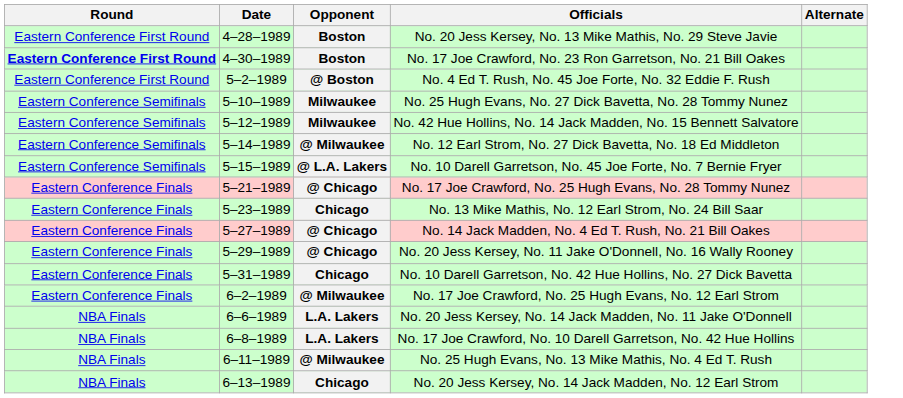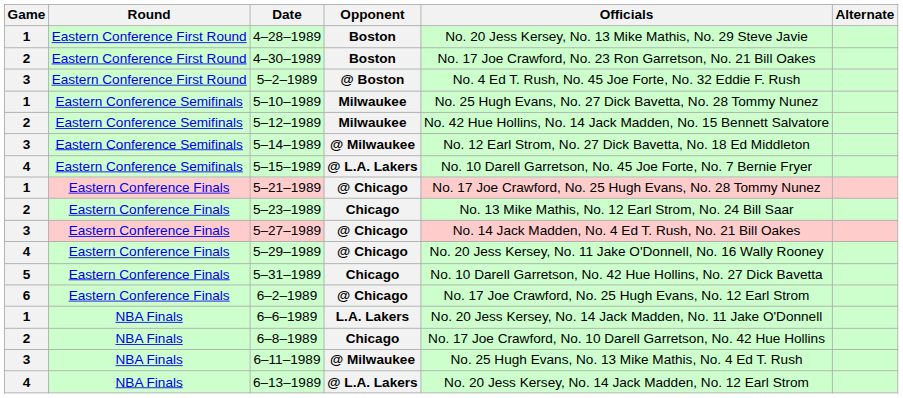 <table class="wikitable">
 <tr>
+<th>Game</th>
 <th>Round</th>
 <th>Date</th>
 <th>Opponent</th>
 <th>Officials</th>
 <th>Alternate</th>
 </tr>
 <tr align="center" bgcolor="#ccffcc">
+<th>1</th>
 <td><a href='#'>Eastern Conference First Round</a></td>
 <td>4–28–1989</td>
 <th>Boston</th>
 <td>No. 20 Jess Kersey, No. 13 Mike Mathis, No. 29 Steve Javie</td>
 <td></td>
 </tr>
 <tr align="center" bgcolor="#ccffcc">
-<td><strong><a href='#'>Eastern Conference First Round</a></strong></td>
+<th>2</th>
+<td><a href='#'>Eastern Conference First Round</a></td>
 <td>4–30–1989</td>
 <th>Boston</th>
 <td>No. 17 Joe Crawford, No. 23 Ron Garretson, No. 21 Bill Oakes</td>
 <td></td>
 </tr>
 <tr align="center" bgcolor="#ccffcc">
+<th>3</th>
 <td><a href='#'>Eastern Conference First Round</a></td>
 <td>5–2–1989</td>
 <th>@ Boston</th>
 <td>No. 4 Ed T. Rush, No. 45 Joe Forte, No. 32 Eddie F. Rush</td>
 <td></td>
 </tr>
 <tr align="center" bgcolor="#ccffcc">
+<th>1</th>
 <td><a href='#'>Eastern Conference Semifinals</a></td>
 <td>5–10–1989</td>
 <th>Milwaukee</th>
 <td>No. 25 Hugh Evans, No. 27 Dick Bavetta, No. 28 Tommy Nunez</td>
 <td></td>
 </tr>
 <tr align="center" bgcolor="#ccffcc">
+<th>2</th>
 <td><a href='#'>Eastern Conference Semifinals</a></td>
 <td>5–12–1989</td>
 <th>Milwaukee</th>
 <td>No. 42 Hue Hollins, No. 14 Jack Madden, No. 15 Bennett Salvatore</td>
 <td></td>
 </tr>
 <tr align="center" bgcolor="#ccffcc">
+<th>3</th>
 <td><a href='#'>Eastern Conference Semifinals</a></td>
 <td>5–14–1989</td>
 <th>@ Milwaukee</th>
 <td>No. 12 Earl Strom, No. 27 Dick Bavetta, No. 18 Ed Middleton</td>
 <td></td>
 </tr>
 <tr align="center" bgcolor="#ccffcc">
+<th>4</th>
 <td><a href='#'>Eastern Conference Semifinals</a></td>
 <td>5–15–1989</td>
 <th>@ L.A. Lakers</th>
 <td>No. 10 Darell Garretson, No. 45 Joe Forte, No. 7 Bernie Fryer</td>
 <td></td>
 </tr>
 <tr align="center" bgcolor="#ffcccc">
+<th>1</th>
 <td><a href='#'>Eastern Conference Finals</a></td>
 <td>5–21–1989</td>
 <th>@ Chicago</th>
 <td>No. 17 Joe Crawford, No. 25 Hugh Evans, No. 28 Tommy Nunez</td>
 <td></td>
 </tr>
 <tr align="center" bgcolor="#ccffcc">
+<th>2</th>
 <td><a href='#'>Eastern Conference Finals</a></td>
 <td>5–23–1989</td>
 <th>Chicago</th>
 <td>No. 13 Mike Mathis, No. 12 Earl Strom, No. 24 Bill Saar</td>
 <td></td>
 </tr>
 <tr align="center" bgcolor="#ffcccc">
+<th>3</th>
 <td><a href='#'>Eastern Conference Finals</a></td>
 <td>5–27–1989</td>
 <th>@ Chicago</th>
 <td>No. 14 Jack Madden, No. 4 Ed T. Rush, No. 21 Bill Oakes</td>
 <td></td>
 </tr>
 <tr align="center" bgcolor="#ccffcc">
+<th>4</th>
 <td><a href='#'>Eastern Conference Finals</a></td>
 <td>5–29–1989</td>
 <th>@ Chicago</th>
 <td>No. 20 Jess Kersey, No. 11 Jake O'Donnell, No. 16 Wally Rooney</td>
 <td></td>
 </tr>
 <tr align="center" bgcolor="#ccffcc">
+<th>5</th>
 <td><a href='#'>Eastern Conference Finals</a></td>
 <td>5–31–1989</td>
 <th>Chicago</th>
 <td>No. 10 Darell Garretson, No. 42 Hue Hollins, No. 27 Dick Bavetta</td>
 <td></td>
 </tr>
 <tr align="center" bgcolor="#ccffcc">
+<th>6</th>
 <td><a href='#'>Eastern Conference Finals</a></td>
 <td>6–2–1989</td>
-<th>@ Milwaukee</th>
+<th>@ Chicago</th>
 <td>No. 17 Joe Crawford, No. 25 Hugh Evans, No. 12 Earl Strom</td>
 <td></td>
 </tr>
 <tr align="center" bgcolor="#ccffcc">
+<th>1</th>
 <td><a href='#'>NBA Finals</a></td>
 <td>6–6–1989</td>
 <th>L.A. Lakers</th>
 <td>No. 20 Jess Kersey, No. 14 Jack Madden, No. 11 Jake O'Donnell</td>
 <td></td>
 </tr>
 <tr align="center" bgcolor="#ccffcc">
+<th>2</th>
 <td><a href='#'>NBA Finals</a></td>
 <td>6–8–1989</td>
-<th>L.A. Lakers</th>
+<th>Chicago</th>
 <td>No. 17 Joe Crawford, No. 10 Darell Garretson, No. 42 Hue Hollins</td>
 <td></td>
 </tr>
 <tr align="center" bgcolor="#ccffcc">
+<th>3</th>
 <td><a href='#'>NBA Finals</a></td>
 <td>6–11–1989</td>
 <th>@ Milwaukee</th>
 <td>No. 25 Hugh Evans, No. 13 Mike Mathis, No. 4 Ed T. Rush</td>
 <td></td>
 </tr>
 <tr align="center" bgcolor="#ccffcc">
+<th>4</th>
 <td><a href='#'>NBA Finals</a></td>
 <td>6–13–1989</td>
-<th>Chicago</th>
+<th>@ L.A. Lakers</th>
 <td>No. 20 Jess Kersey, No. 14 Jack Madden, No. 12 Earl Strom</td>
 <td></td>
 </tr>
 </table>
